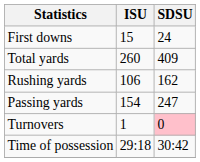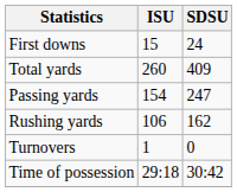 <table class="wikitable">
 <tr>
 <th>Statistics</th>
 <th>ISU</th>
 <th>SDSU</th>
 </tr>
 <tr>
 <td>First downs</td>
 <td>15</td>
 <td>24</td>
 </tr>
 <tr>
 <td>Total yards</td>
 <td>260</td>
 <td>409</td>
 </tr>
 <tr>
+<td>Passing yards</td>
+<td>154</td>
+<td>247</td>
+</tr>
+<tr>
 <td>Rushing yards</td>
 <td>106</td>
 <td>162</td>
 </tr>
 <tr>
-<td>Passing yards</td>
-<td>154</td>
-<td>247</td>
-</tr>
-<tr>
 <td>Turnovers</td>
 <td>1</td>
-<td style="background: pink;">0</td>
+<td>0</td>
 </tr>
 <tr>
 <td>Time of possession</td>
 <td>29:18</td>
 <td>30:42</td>
 </tr>
 <tr>
 </tr>
 </table>
